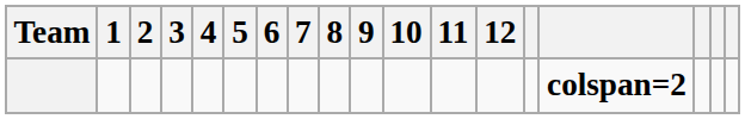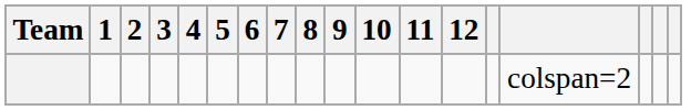 <table class="wikitable" style="font-size:85%; text-align:center;">
 <tr>
 <th>Team</th>
 <th>1</th>
 <th>2</th>
 <th>3</th>
 <th>4</th>
 <th>5</th>
 <th>6</th>
 <th>7</th>
 <th>8</th>
 <th>9</th>
 <th>10</th>
 <th>11</th>
 <th>12</th>
 <th></th>
 <th></th>
 <th></th>
 <th></th>
 <th></th>
 </tr>
 <tr>
 <th align="left"></th>
 <td></td>
 <td></td>
 <td></td>
 <td></td>
 <td></td>
 <td></td>
 <td></td>
 <td></td>
 <td></td>
 <td></td>
 <td></td>
 <td></td>
 <td></td>
-<td><strong>colspan=2 </strong></td>
+<td>colspan=2 </td>
 <td></td>
 <td></td>
 </tr>
 <tr>
 </tr>
 </table>
